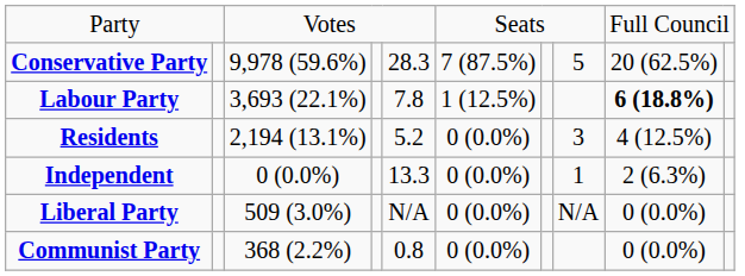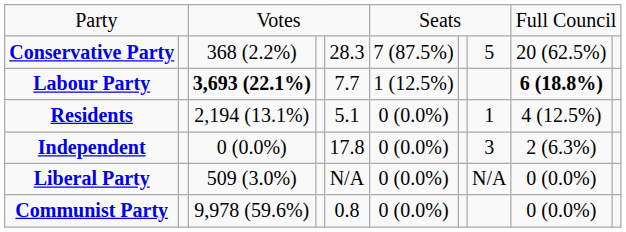 <table class=wikitable style="text-align:center;">
 <tr>
 <td colspan=2>Party</td>
 <td colspan=3>Votes</td>
 <td colspan=3>Seats</td>
 <td colspan=3>Full Council</td>
 </tr>
 <tr>
 <td><strong><a href='#'>Conservative Party</a></strong></td>
 <td style="background:"></td>
-<td>9,978 (59.6%)</td>
+<td>368 (2.2%)</td>
 <td></td>
 <td> 28.3</td>
 <td>7 (87.5%)</td>
 <td></td>
 <td> 5</td>
 <td>20 (62.5%)</td>
 <td></td>
 </tr>
 <tr>
 <td><strong><a href='#'>Labour Party</a></strong></td>
 <td style="background:"></td>
-<td>3,693 (22.1%)</td>
+<td><strong>3,693 (22.1%)</strong></td>
 <td></td>
-<td> 7.8</td>
+<td> 7.7</td>
 <td>1 (12.5%)</td>
 <td></td>
 <td></td>
 <td><strong>6 (18.8%)</strong></td>
 <td></td>
 </tr>
 <tr>
 <td><strong><a href='#'>Residents</a></strong></td>
 <td style="background:"></td>
 <td>2,194 (13.1%)</td>
 <td></td>
-<td> 5.2</td>
+<td> 5.1</td>
 <td>0 (0.0%)</td>
 <td></td>
-<td> 3</td>
+<td> 1</td>
 <td>4 (12.5%)</td>
 <td></td>
 </tr>
 <tr>
 <td><strong><a href='#'>Independent</a></strong></td>
 <td style="background:"></td>
 <td>0 (0.0%)</td>
 <td></td>
-<td> 13.3</td>
+<td> 17.8</td>
 <td>0 (0.0%)</td>
 <td></td>
-<td> 1</td>
+<td> 3</td>
 <td>2 (6.3%)</td>
 <td></td>
 </tr>
 <tr>
 <td><strong><a href='#'>Liberal Party</a></strong></td>
 <td style="background:"></td>
 <td>509 (3.0%)</td>
 <td></td>
 <td>N/A</td>
 <td>0 (0.0%)</td>
 <td></td>
 <td>N/A</td>
 <td>0 (0.0%)</td>
 <td></td>
 </tr>
 <tr>
 <td><strong><a href='#'>Communist Party</a></strong></td>
 <td style="background:"></td>
-<td>368 (2.2%)</td>
+<td>9,978 (59.6%)</td>
 <td></td>
 <td> 0.8</td>
 <td>0 (0.0%)</td>
 <td></td>
 <td></td>
 <td>0 (0.0%)</td>
 <td></td>
 </tr>
 </table>
